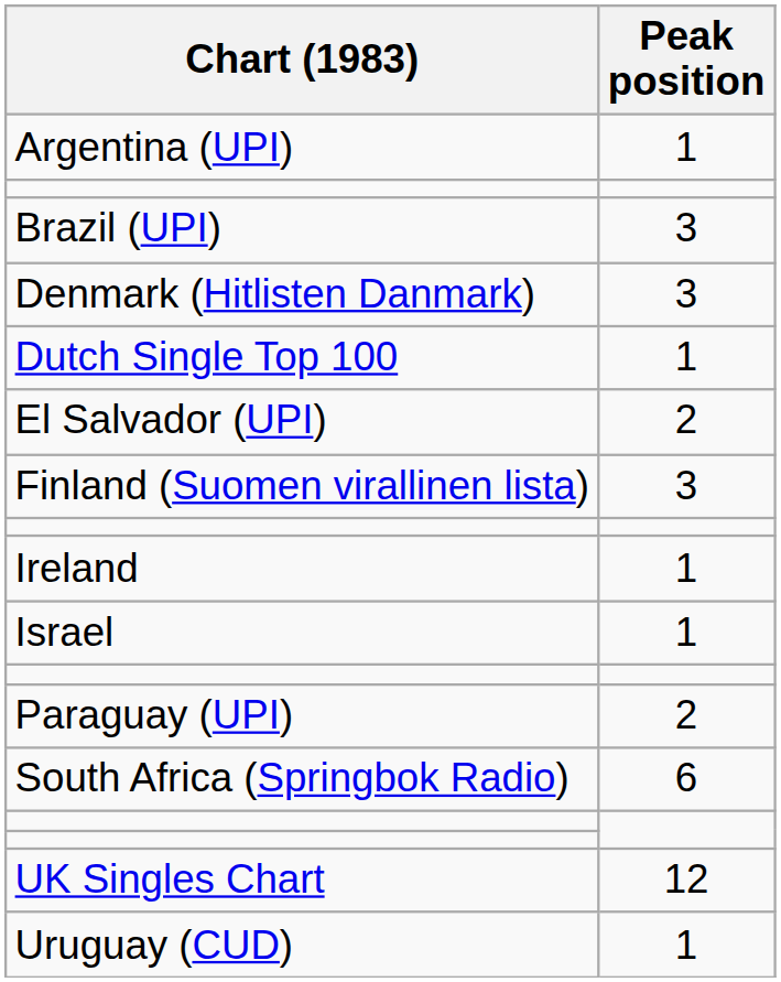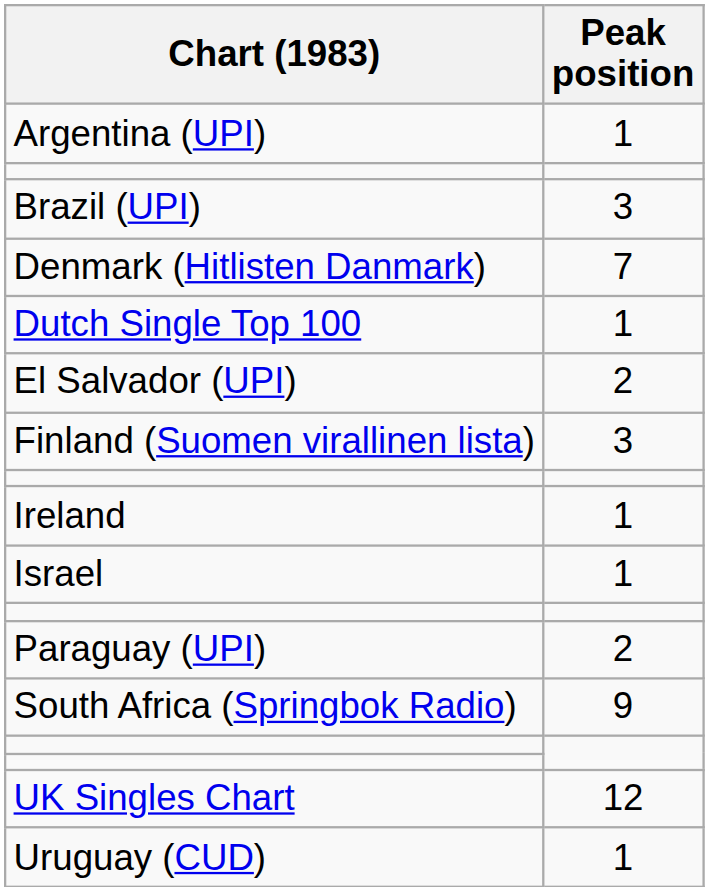 <table class="wikitable sortable">
 <tr>
 <th align="left">Chart (1983)</th>
 <th align="center">Peak<br>position</th>
 </tr>
 <tr>
 <td align="left">Argentina (<a href='#'>UPI</a>)</td>
 <td align="center">1</td>
 </tr>
 <tr>
 <td></td>
 </tr>
 <tr>
 <td align="left">Brazil (<a href='#'>UPI</a>)</td>
 <td align="center">3</td>
 </tr>
 <tr>
 <td align="left">Denmark (<a href='#'>Hitlisten Danmark</a>)</td>
-<td align="center">3</td>
+<td align="center">7</td>
 </tr>
 <tr>
 <td align="left"><a href='#'>Dutch Single Top 100</a></td>
 <td align="center">1</td>
 </tr>
 <tr>
 <td align="left">El Salvador (<a href='#'>UPI</a>)</td>
 <td align="center">2</td>
 </tr>
 <tr>
 <td align="left">Finland (<a href='#'>Suomen virallinen lista</a>)</td>
 <td align="center">3</td>
 </tr>
 <tr>
 <td></td>
 </tr>
 <tr>
 <td align="left">Ireland</td>
 <td align="center">1</td>
 </tr>
 <tr>
 <td align="left">Israel</td>
 <td align="center">1</td>
 </tr>
 <tr>
 <td></td>
 </tr>
 <tr>
 <td align="left">Paraguay (<a href='#'>UPI</a>)</td>
 <td align="center">2</td>
 </tr>
 <tr>
 <td align="left">South Africa (<a href='#'>Springbok Radio</a>)</td>
-<td align="center">6</td>
+<td align="center">9</td>
 </tr>
 <tr>
 <td></td>
 </tr>
 <tr>
 <td></td>
 </tr>
 <tr>
 <td align="left"><a href='#'>UK Singles Chart</a></td>
 <td align="center">12</td>
 </tr>
 <tr>
 <td align="left">Uruguay (<a href='#'>CUD</a>)</td>
 <td align="center">1</td>
 </tr>
 </table>
